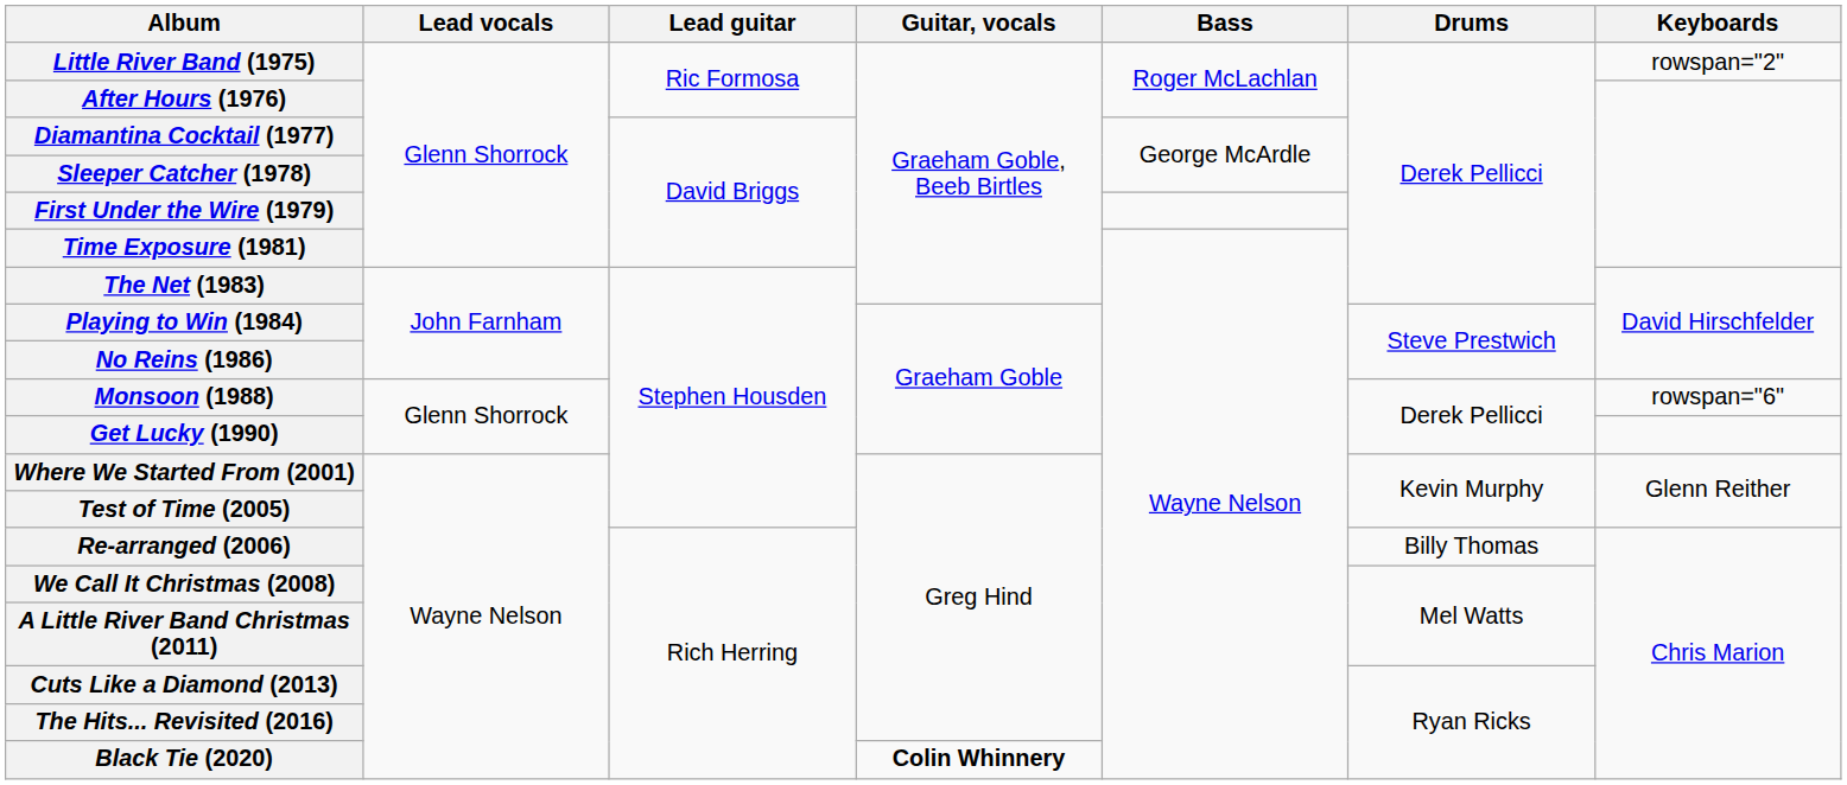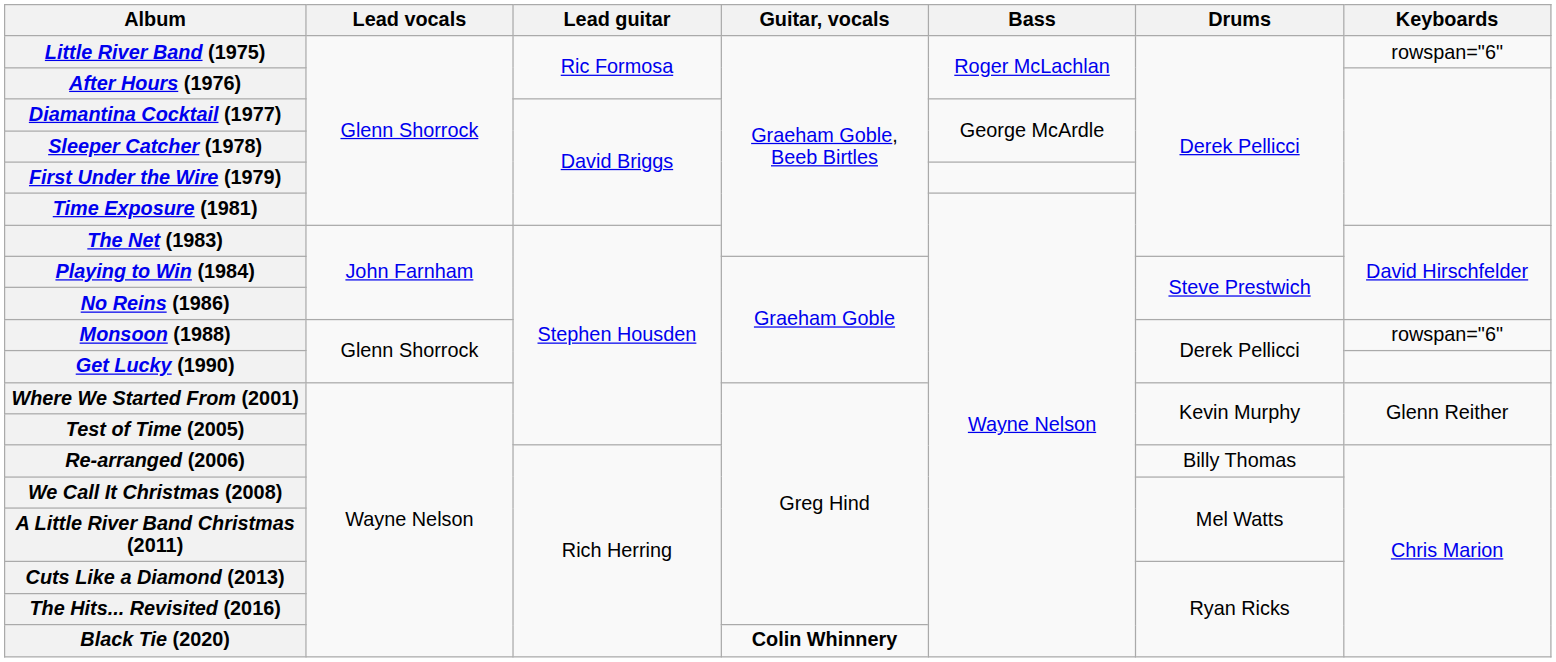 <table class="wikitable plainrowheaders" style="text-align:center;">
 <tr>
 <th scope="col">Album</th>
 <th scope="col" style="width:10em;">Lead vocals</th>
 <th scope="col" style="width:10em;">Lead guitar</th>
 <th scope="col" style="width:10em;">Guitar, vocals</th>
 <th scope="col" style="width:10em;">Bass</th>
 <th scope="col" style="width:10em;">Drums</th>
 <th scope="col" style="width:10em;">Keyboards</th>
 </tr>
 <tr>
 <th scope="row"><em><a href='#'>Little River Band</a></em> (1975)</th>
 <td rowspan="6"><a href='#'>Glenn Shorrock</a></td>
 <td rowspan="2"><a href='#'>Ric Formosa</a></td>
 <td rowspan="7"><a href='#'>Graeham Goble</a>, <a href='#'>Beeb Birtles</a></td>
 <td rowspan="2"><a href='#'>Roger McLachlan</a></td>
 <td rowspan="7"><a href='#'>Derek Pellicci</a></td>
-<td>rowspan="2" </td>
+<td>rowspan="6" </td>
 </tr>
 <tr>
 <th scope="row"><em><a href='#'>After Hours</a></em> (1976)</th>
 </tr>
 <tr>
 <th scope="row"><em><a href='#'>Diamantina Cocktail</a></em> (1977)</th>
 <td rowspan="4"><a href='#'>David Briggs</a></td>
 <td rowspan="2">George McArdle</td>
 </tr>
 <tr>
 <th scope="row"><em><a href='#'>Sleeper Catcher</a></em> (1978)</th>
 </tr>
 <tr>
 <th scope="row"><em><a href='#'>First Under the Wire</a></em> (1979)</th>
 <td></td>
 </tr>
 <tr>
 <th scope="row"><em><a href='#'>Time Exposure</a></em> (1981)</th>
 <td rowspan="14"><a href='#'>Wayne Nelson</a></td>
 </tr>
 <tr>
 <th scope="row"><em><a href='#'>The Net</a></em> (1983)</th>
 <td rowspan="3"><a href='#'>John Farnham</a></td>
 <td rowspan="7"><a href='#'>Stephen Housden</a></td>
 <td rowspan="3"><a href='#'>David Hirschfelder</a></td>
 </tr>
 <tr>
 <th scope="row"><em><a href='#'>Playing to Win</a></em> (1984)</th>
 <td rowspan="4"><a href='#'>Graeham Goble</a></td>
 <td rowspan="2"><a href='#'>Steve Prestwich</a></td>
 </tr>
 <tr>
 <th scope="row"><em><a href='#'>No Reins</a></em> (1986)</th>
 </tr>
 <tr>
 <th scope="row"><em><a href='#'>Monsoon</a></em> (1988)</th>
 <td rowspan="2">Glenn Shorrock</td>
 <td rowspan="2">Derek Pellicci</td>
 <td>rowspan="6" </td>
 </tr>
 <tr>
 <th scope="row"><em><a href='#'>Get Lucky</a></em> (1990)</th>
 </tr>
 <tr>
 <th scope="row"><em>Where We Started From</em> (2001)</th>
 <td rowspan="8">Wayne Nelson</td>
 <td rowspan="7">Greg Hind</td>
 <td rowspan="2">Kevin Murphy</td>
 <td rowspan="2">Glenn Reither</td>
 </tr>
 <tr>
 <th scope="row"><em>Test of Time</em> (2005)</th>
 </tr>
 <tr>
 <th scope="row"><em>Re-arranged</em> (2006)</th>
 <td rowspan="6">Rich Herring</td>
 <td>Billy Thomas</td>
 <td rowspan="6"><a href='#'>Chris Marion</a></td>
 </tr>
 <tr>
 <th scope="row"><em>We Call It Christmas</em> (2008)</th>
 <td rowspan="2">Mel Watts</td>
 </tr>
 <tr>
 <th scope="row"><em>A Little River Band Christmas</em> (2011)</th>
 </tr>
 <tr>
 <th scope="row"><em>Cuts Like a Diamond</em> (2013)</th>
 <td rowspan="3">Ryan Ricks</td>
 </tr>
 <tr>
 <th scope="row"><em>The Hits... Revisited</em> (2016)</th>
 </tr>
 <tr>
 <th scope="row"><em>Black Tie</em> (2020)</th>
 <td><strong>Colin Whinnery</strong></td>
 </tr>
 </table>
